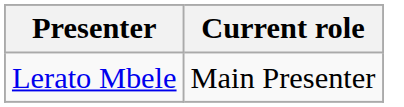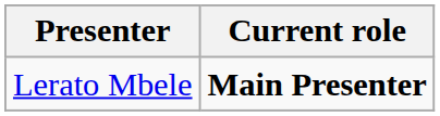 <table class="wikitable">
 <tr>
 <th>Presenter</th>
 <th>Current role</th>
 </tr>
 <tr>
 <td><a href='#'>Lerato Mbele</a></td>
-<td>Main Presenter</td>
+<td><strong>Main Presenter</strong></td>
 </tr>
 </table>
